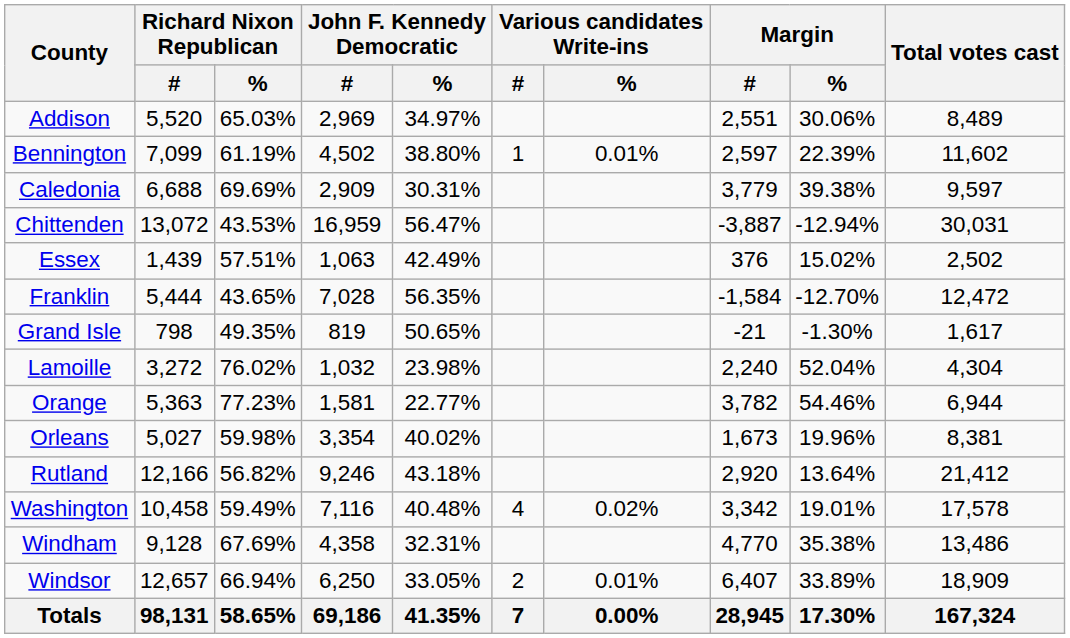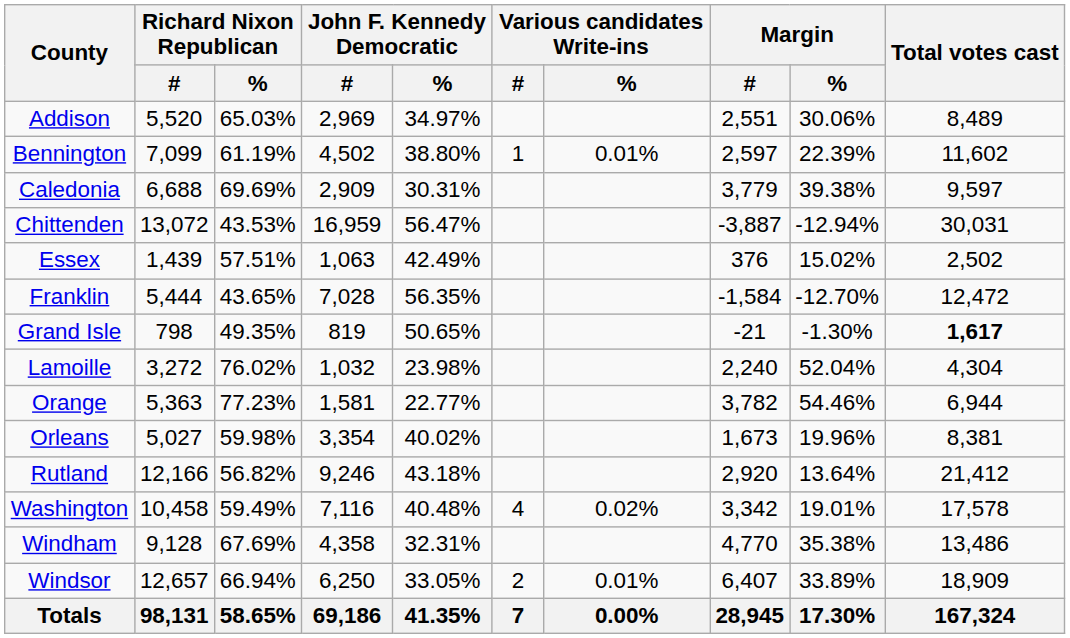 <table width="60%" class="wikitable sortable">
 <tr>
 <th rowspan="2">County</th>
 <th colspan="2">Richard Nixon<br>Republican</th>
 <th colspan="2">John F. Kennedy<br>Democratic</th>
 <th colspan="2">Various candidates<br>Write-ins</th>
 <th colspan="2">Margin</th>
 <th rowspan="2">Total votes cast</th>
 </tr>
 <tr>
 <th style="text-align:center;" data-sort-type="number">#</th>
 <th style="text-align:center;" data-sort-type="number">%</th>
 <th style="text-align:center;" data-sort-type="number">#</th>
 <th style="text-align:center;" data-sort-type="number">%</th>
 <th style="text-align:center;" data-sort-type="number">#</th>
 <th style="text-align:center;" data-sort-type="number">%</th>
 <th style="text-align:center;" data-sort-type="number">#</th>
 <th style="text-align:center;" data-sort-type="number">%</th>
 </tr>
 <tr style="text-align:center;">
 <td><a href='#'>Addison</a></td>
 <td>5,520</td>
 <td>65.03%</td>
 <td>2,969</td>
 <td>34.97%</td>
 <td></td>
 <td></td>
 <td>2,551</td>
 <td>30.06%</td>
 <td>8,489</td>
 </tr>
 <tr style="text-align:center;">
 <td><a href='#'>Bennington</a></td>
 <td>7,099</td>
 <td>61.19%</td>
 <td>4,502</td>
 <td>38.80%</td>
 <td>1</td>
 <td>0.01%</td>
 <td>2,597</td>
 <td>22.39%</td>
 <td>11,602</td>
 </tr>
 <tr style="text-align:center;">
 <td><a href='#'>Caledonia</a></td>
 <td>6,688</td>
 <td>69.69%</td>
 <td>2,909</td>
 <td>30.31%</td>
 <td></td>
 <td></td>
 <td>3,779</td>
 <td>39.38%</td>
 <td>9,597</td>
 </tr>
 <tr style="text-align:center;">
 <td><a href='#'>Chittenden</a></td>
 <td>13,072</td>
 <td>43.53%</td>
 <td>16,959</td>
 <td>56.47%</td>
 <td></td>
 <td></td>
 <td>-3,887</td>
 <td>-12.94%</td>
 <td>30,031</td>
 </tr>
 <tr style="text-align:center;">
 <td><a href='#'>Essex</a></td>
 <td>1,439</td>
 <td>57.51%</td>
 <td>1,063</td>
 <td>42.49%</td>
 <td></td>
 <td></td>
 <td>376</td>
 <td>15.02%</td>
 <td>2,502</td>
 </tr>
 <tr style="text-align:center;">
 <td><a href='#'>Franklin</a></td>
 <td>5,444</td>
 <td>43.65%</td>
 <td>7,028</td>
 <td>56.35%</td>
 <td></td>
 <td></td>
 <td>-1,584</td>
 <td>-12.70%</td>
 <td>12,472</td>
 </tr>
 <tr style="text-align:center;">
 <td><a href='#'>Grand Isle</a></td>
 <td>798</td>
 <td>49.35%</td>
 <td>819</td>
 <td>50.65%</td>
 <td></td>
 <td></td>
 <td>-21</td>
 <td>-1.30%</td>
-<td>1,617</td>
+<td><strong>1,617</strong></td>
 </tr>
 <tr style="text-align:center;">
 <td><a href='#'>Lamoille</a></td>
 <td>3,272</td>
 <td>76.02%</td>
 <td>1,032</td>
 <td>23.98%</td>
 <td></td>
 <td></td>
 <td>2,240</td>
 <td>52.04%</td>
 <td>4,304</td>
 </tr>
 <tr style="text-align:center;">
 <td><a href='#'>Orange</a></td>
 <td>5,363</td>
 <td>77.23%</td>
 <td>1,581</td>
 <td>22.77%</td>
 <td></td>
 <td></td>
 <td>3,782</td>
 <td>54.46%</td>
 <td>6,944</td>
 </tr>
 <tr style="text-align:center;">
 <td><a href='#'>Orleans</a></td>
 <td>5,027</td>
 <td>59.98%</td>
 <td>3,354</td>
 <td>40.02%</td>
 <td></td>
 <td></td>
 <td>1,673</td>
 <td>19.96%</td>
 <td>8,381</td>
 </tr>
 <tr style="text-align:center;">
 <td><a href='#'>Rutland</a></td>
 <td>12,166</td>
 <td>56.82%</td>
 <td>9,246</td>
 <td>43.18%</td>
 <td></td>
 <td></td>
 <td>2,920</td>
 <td>13.64%</td>
 <td>21,412</td>
 </tr>
 <tr style="text-align:center;">
 <td><a href='#'>Washington</a></td>
 <td>10,458</td>
 <td>59.49%</td>
 <td>7,116</td>
 <td>40.48%</td>
 <td>4</td>
 <td>0.02%</td>
 <td>3,342</td>
 <td>19.01%</td>
 <td>17,578</td>
 </tr>
 <tr style="text-align:center;">
 <td><a href='#'>Windham</a></td>
 <td>9,128</td>
 <td>67.69%</td>
 <td>4,358</td>
 <td>32.31%</td>
 <td></td>
 <td></td>
 <td>4,770</td>
 <td>35.38%</td>
 <td>13,486</td>
 </tr>
 <tr style="text-align:center;">
 <td><a href='#'>Windsor</a></td>
 <td>12,657</td>
 <td>66.94%</td>
 <td>6,250</td>
 <td>33.05%</td>
 <td>2</td>
 <td>0.01%</td>
 <td>6,407</td>
 <td>33.89%</td>
 <td>18,909</td>
 </tr>
 <tr>
 <th>Totals</th>
 <th>98,131</th>
 <th>58.65%</th>
 <th>69,186</th>
 <th>41.35%</th>
 <th>7</th>
 <th>0.00%</th>
 <th>28,945</th>
 <th>17.30%</th>
 <th>167,324</th>
 </tr>
 </table>
